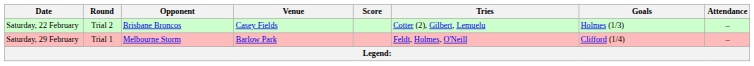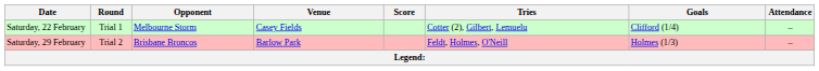 <table class="wikitable" style="font-size:75%;">
 <tr>
 <th style="width:110px;">Date</th>
 <th style="width:50px;">Round</th>
 <th style="width:160px;">Opponent</th>
 <th style="width:170px;">Venue</th>
 <th style="width:50px;">Score</th>
 <th style="width:270px;">Tries</th>
 <th style="width:180px;">Goals</th>
 <th style="width:60px;">Attendance</th>
 </tr>
 <tr style="background:#CCFFCC">
 <td>Saturday, 22 February</td>
-<td style="text-align:center;">Trial 2</td>
-<td> <a href='#'>Brisbane Broncos</a></td>
+<td style="text-align:center;">Trial 1</td>
+<td> <a href='#'>Melbourne Storm</a></td>
 <td><a href='#'>Casey Fields</a></td>
 <td style="text-align:center;"></td>
 <td><a href='#'>Cotter</a> (2), <a href='#'>Gilbert</a>, <a href='#'>Lemuelu</a></td>
-<td><a href='#'>Holmes</a> (1/3)</td>
+<td><a href='#'>Clifford</a> (1/4)</td>
 <td style="text-align:center;">–</td>
 </tr>
 <tr style="background:#FFBBBB">
 <td>Saturday, 29 February</td>
-<td style="text-align:center;">Trial 1</td>
-<td> <a href='#'>Melbourne Storm</a></td>
+<td style="text-align:center;">Trial 2</td>
+<td> <a href='#'>Brisbane Broncos</a></td>
 <td><a href='#'>Barlow Park</a></td>
 <td style="text-align:center;"></td>
 <td><a href='#'>Feldt</a>, <a href='#'>Holmes</a>, <a href='#'>O'Neill</a></td>
-<td><a href='#'>Clifford</a> (1/4)</td>
+<td><a href='#'>Holmes</a> (1/3)</td>
 <td style="text-align:center;">–</td>
 </tr>
 <tr>
 <th colspan="11"><strong>Legend</strong>:    </th>
 </tr>
 </table>
